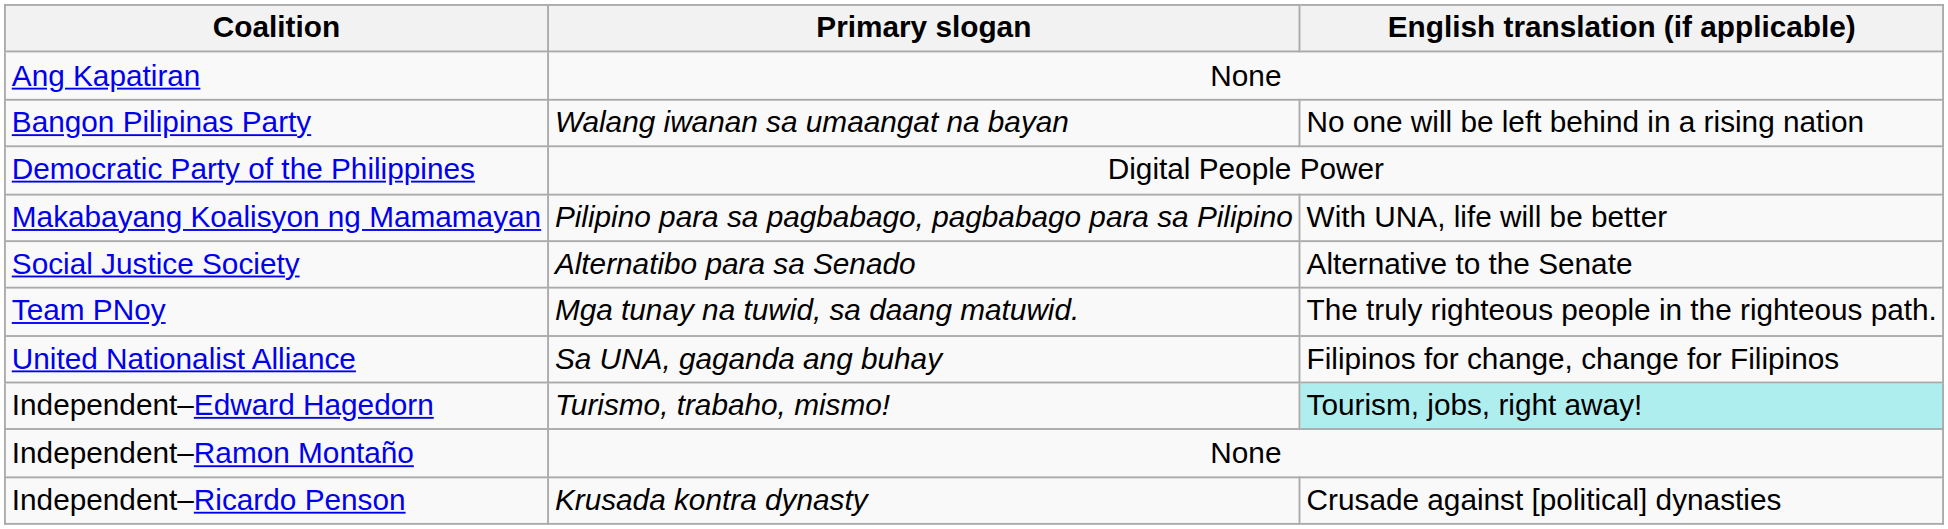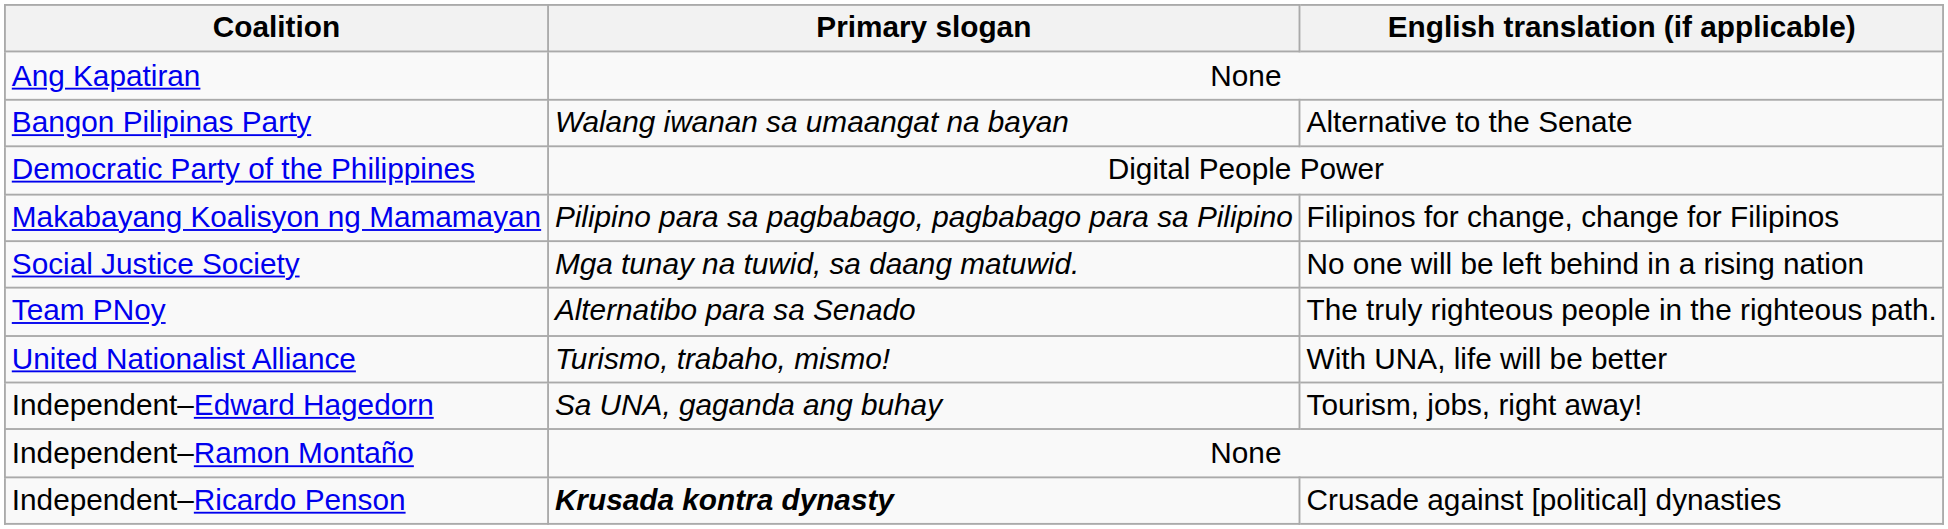 <table class=wikitable>
 <tr>
 <th>Coalition</th>
 <th>Primary slogan</th>
 <th>English translation (if applicable)</th>
 </tr>
 <tr>
 <td><a href='#'>Ang Kapatiran</a></td>
 <td align=center colspan=4>None</td>
 </tr>
 <tr>
 <td><a href='#'>Bangon Pilipinas Party</a></td>
 <td><em>Walang iwanan sa umaangat na bayan</em></td>
-<td>No one will be left behind in a rising nation</td>
+<td>Alternative to the Senate</td>
 </tr>
 <tr>
 <td><a href='#'>Democratic Party of the Philippines</a></td>
 <td align=center colspan=2>Digital People Power</td>
 </tr>
 <tr>
 <td><a href='#'>Makabayang Koalisyon ng Mamamayan</a></td>
 <td><em>Pilipino para sa pagbabago, pagbabago para sa Pilipino</em></td>
-<td>With UNA, life will be better</td>
+<td>Filipinos for change, change for Filipinos</td>
 </tr>
 <tr>
 <td><a href='#'>Social Justice Society</a></td>
-<td><em>Alternatibo para sa Senado</em></td>
-<td>Alternative to the Senate</td>
+<td><em>Mga tunay na tuwid, sa daang matuwid.</em></td>
+<td>No one will be left behind in a rising nation</td>
 </tr>
 <tr>
 <td><a href='#'>Team PNoy</a></td>
-<td><em>Mga tunay na tuwid, sa daang matuwid.</em></td>
+<td><em>Alternatibo para sa Senado</em></td>
 <td>The truly righteous people in the righteous path.</td>
 </tr>
 <tr>
 <td><a href='#'>United Nationalist Alliance</a></td>
-<td><em>Sa UNA, gaganda ang buhay</em></td>
-<td>Filipinos for change, change for Filipinos</td>
+<td><em>Turismo, trabaho, mismo!</em></td>
+<td>With UNA, life will be better</td>
 </tr>
 <tr>
 <td>Independent–<a href='#'>Edward Hagedorn</a></td>
-<td><em>Turismo, trabaho, mismo!</em></td>
-<td style="background: paleturquoise;">Tourism, jobs, right away!</td>
+<td><em>Sa UNA, gaganda ang buhay</em></td>
+<td>Tourism, jobs, right away!</td>
 </tr>
 <tr>
 <td>Independent–<a href='#'>Ramon Montaño</a></td>
 <td align=center colspan=4>None</td>
 </tr>
 <tr>
 <td>Independent–<a href='#'>Ricardo Penson</a></td>
-<td><em>Krusada kontra dynasty</em></td>
+<td><strong><em>Krusada kontra dynasty</em></strong></td>
 <td>Crusade against [political] dynasties</td>
 </tr>
 </table>
